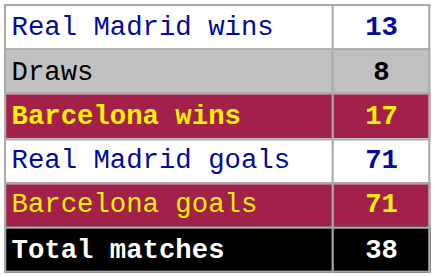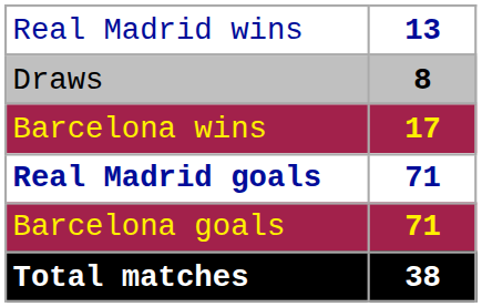 <table class="wikitable">
 <tr style="color:#000c99; background:#fff;">
 <td style="width:150px;">Real Madrid wins</td>
 <td style="color:#000c99; background:#fff; text-align:center; width:40px;"><strong>13</strong></td>
 </tr>
 <tr style="color:#000; background:silver;">
 <td>Draws</td>
 <td style="color:#000; background:silver; text-align:center;"><strong>8</strong></td>
 </tr>
 <tr style="color:#fff000;">
-<td style="background:#A2214B"><strong>Barcelona wins</strong></td>
+<td style="background:#A2214B">Barcelona wins</td>
 <td style="color:#fff000; background:#A2214B; text-align: center;"><strong>17</strong></td>
 </tr>
 <tr style="color:#000c99; background:#fff;">
-<td style="width:150px;">Real Madrid goals</td>
+<td style="width:150px;"><strong>Real Madrid goals</strong></td>
 <td style="color:#000c99; background:#fff; text-align:center;"><strong>71</strong></td>
 </tr>
 <tr style="color:#fff000;">
 <td style="background:#A2214B">Barcelona goals</td>
 <td style="color:#fff000; background:#A2214B; text-align: center;"><strong>71</strong></td>
 </tr>
 <tr style="color:#fff; background:#000;">
 <td><strong>Total matches</strong></td>
 <td style="color:#fff; background:#000; text-align:center;"><strong>38</strong></td>
 </tr>
 </table>
